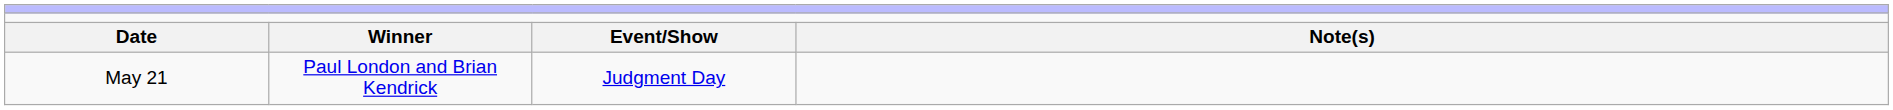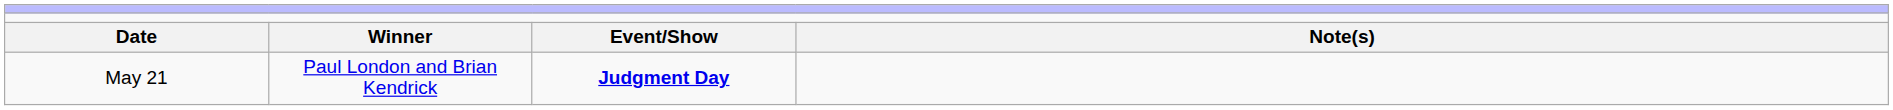 <table class="wikitable" style="text-align:center; width:100%;">
 <tr style="background:#BBF;">
 <td colspan="5"></td>
 </tr>
 <tr>
 <td colspan="5"><strong></strong></td>
 </tr>
 <tr>
 <th width=14%>Date</th>
 <th width=14%>Winner</th>
 <th width=14%>Event/Show</th>
 <th width=58%>Note(s)</th>
 </tr>
 <tr>
 <td>May 21</td>
 <td><a href='#'>Paul London and Brian Kendrick</a></td>
-<td><a href='#'>Judgment Day</a></td>
+<td><strong><a href='#'>Judgment Day</a></strong></td>
 <td></td>
 </tr>
 </table>
